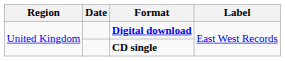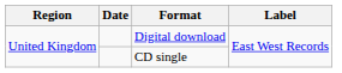 <table class=wikitable>
 <tr>
 <th scope="col">Region</th>
 <th scope="col">Date</th>
 <th scope="col">Format</th>
 <th scope="col">Label</th>
 </tr>
 <tr>
 <td rowspan="2"><a href='#'>United Kingdom</a></td>
 <td></td>
-<td><strong><a href='#'>Digital download</a></strong></td>
+<td><a href='#'>Digital download</a></td>
 <td rowspan="2"><a href='#'>East West Records</a></td>
 </tr>
 <tr>
 <td></td>
-<td><strong>CD single</strong></td>
+<td>CD single</td>
 </tr>
 </table>
